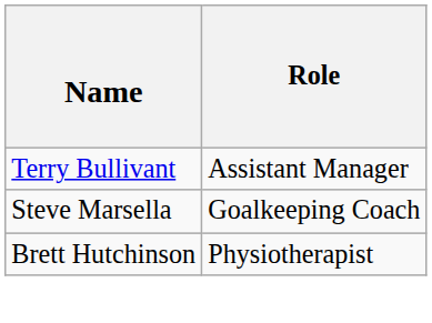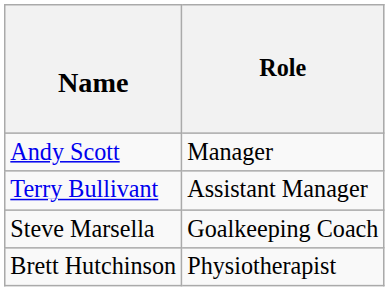 <table class="wikitable">
 <tr>
 <th><br><h3>Name</h3></th>
 <th>Role</th>
+</tr>
+<tr>
+<td> <a href='#'>Andy Scott</a></td>
+<td>Manager</td>
 </tr>
 <tr>
 <td> <a href='#'>Terry Bullivant</a></td>
 <td>Assistant Manager</td>
 </tr>
 <tr>
 <td> Steve Marsella</td>
 <td>Goalkeeping Coach</td>
 </tr>
 <tr>
 <td> Brett Hutchinson</td>
 <td>Physiotherapist</td>
 </tr>
 </table>
